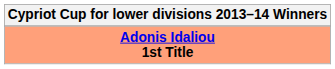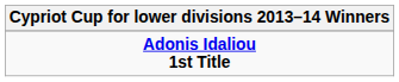 <table class="wikitable" style="text-align: center; margin: 0 auto;">
 <tr>
 <th>Cypriot Cup for lower divisions 2013–14 Winners</th>
 </tr>
 <tr>
 </tr>
 <tr>
-<td style="background: lightsalmon;"><strong><a href='#'>Adonis Idaliou</a></strong><br><strong>1st Title</strong></td>
+<td><strong><a href='#'>Adonis Idaliou</a></strong><br><strong>1st Title</strong></td>
 </tr>
 </table>
